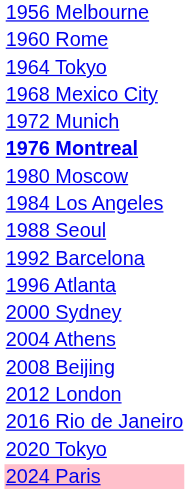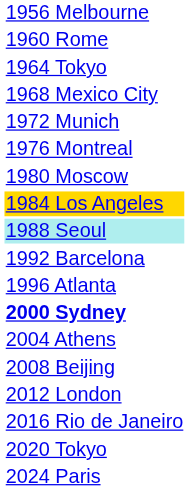 <table>
 <tr>
 <td><a href='#'>1956 Melbourne</a><br></td>
 <td></td>
 <td></td>
 <td></td>
 </tr>
 <tr>
 <td><a href='#'>1960 Rome</a><br></td>
 <td></td>
 <td></td>
 <td></td>
 </tr>
 <tr>
 <td><a href='#'>1964 Tokyo</a><br></td>
 <td></td>
 <td></td>
 <td></td>
 </tr>
 <tr>
 <td><a href='#'>1968 Mexico City</a><br></td>
 <td></td>
 <td></td>
 <td></td>
 </tr>
 <tr>
 <td><a href='#'>1972 Munich</a><br></td>
 <td></td>
 <td></td>
 <td></td>
 </tr>
 <tr>
-<td><strong><a href='#'>1976 Montreal</a><br></strong></td>
+<td><a href='#'>1976 Montreal</a><br></td>
 <td></td>
 <td></td>
 <td></td>
 </tr>
 <tr>
 <td><a href='#'>1980 Moscow</a><br></td>
 <td></td>
 <td></td>
 <td></td>
 </tr>
 <tr>
-<td><a href='#'>1984 Los Angeles</a><br></td>
+<td style="background: gold;"><a href='#'>1984 Los Angeles</a><br></td>
 <td></td>
 <td></td>
 <td></td>
 </tr>
 <tr>
-<td><a href='#'>1988 Seoul</a><br></td>
+<td style="background: paleturquoise;"><a href='#'>1988 Seoul</a><br></td>
 <td></td>
 <td></td>
 <td></td>
 </tr>
 <tr>
 <td><a href='#'>1992 Barcelona</a><br></td>
 <td></td>
 <td></td>
 <td></td>
 </tr>
 <tr>
 <td><a href='#'>1996 Atlanta</a><br></td>
 <td></td>
 <td></td>
 <td></td>
 </tr>
 <tr>
-<td><a href='#'>2000 Sydney</a><br></td>
+<td><strong><a href='#'>2000 Sydney</a><br></strong></td>
 <td></td>
 <td></td>
 <td></td>
 </tr>
 <tr>
 <td><a href='#'>2004 Athens</a><br></td>
 <td></td>
 <td></td>
 <td></td>
 </tr>
 <tr>
 <td><a href='#'>2008 Beijing</a><br></td>
 <td></td>
 <td></td>
 <td></td>
 </tr>
 <tr>
 <td><a href='#'>2012 London</a><br></td>
 <td></td>
 <td></td>
 <td></td>
 </tr>
 <tr>
 <td><a href='#'>2016 Rio de Janeiro</a><br></td>
 <td></td>
 <td></td>
 <td></td>
 </tr>
 <tr>
 <td><a href='#'>2020 Tokyo</a><br></td>
 <td></td>
 <td></td>
 <td></td>
 </tr>
 <tr>
-<td style="background: pink;"><a href='#'>2024 Paris</a><br></td>
+<td><a href='#'>2024 Paris</a><br></td>
 <td></td>
 <td></td>
 <td></td>
 </tr>
 <tr>
 </tr>
 </table>
